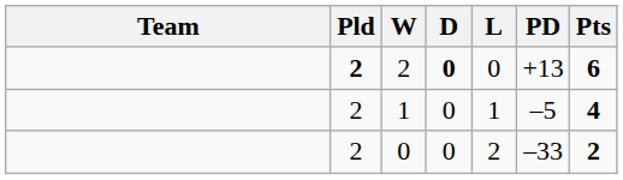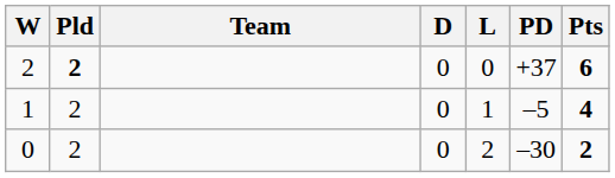 <table class="wikitable" style="text-align:center;">
 <tr>
+<th width="20" abbr="Won">W</th>
+<th width="20" abbr="Played">Pld</th>
 <th width="190">Team</th>
-<th width="20" abbr="Played">Pld</th>
-<th width="20" abbr="Won">W</th>
 <th width="20" abbr="Drawn">D</th>
 <th width="20" abbr="Lost">L</th>
 <th width="25" abbr="Points difference">PD</th>
 <th width="20" abbr="Points">Pts</th>
 </tr>
 <tr>
+<td>2</td>
+<td><strong>2</strong></td>
 <td align="left"></td>
-<td><strong>2</strong></td>
-<td>2</td>
-<td><strong>0</strong></td>
 <td>0</td>
-<td>+13</td>
+<td>0</td>
+<td>+37</td>
 <td><strong>6</strong></td>
 </tr>
 <tr>
+<td>1</td>
+<td>2</td>
 <td align="left"></td>
-<td>2</td>
-<td>1</td>
 <td>0</td>
 <td>1</td>
 <td>–5</td>
 <td><strong>4</strong></td>
 </tr>
 <tr>
-<td align="left"></td>
-<td>2</td>
-<td>0</td>
 <td>0</td>
 <td>2</td>
-<td>–33</td>
+<td align="left"></td>
+<td>0</td>
+<td>2</td>
+<td>–30</td>
 <td><strong>2</strong></td>
 </tr>
 </table>
